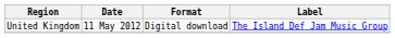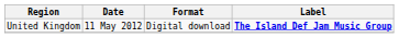 <table class=wikitable>
 <tr>
 <th>Region</th>
 <th>Date</th>
 <th>Format</th>
 <th>Label</th>
 </tr>
 <tr>
 <td>United Kingdom</td>
 <td>11 May 2012</td>
 <td>Digital download</td>
-<td><a href='#'>The Island Def Jam Music Group</a></td>
+<td><strong><a href='#'>The Island Def Jam Music Group</a></strong></td>
 </tr>
 <tr>
 </tr>
 </table>
